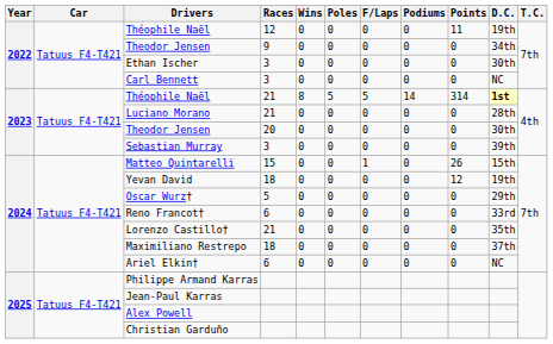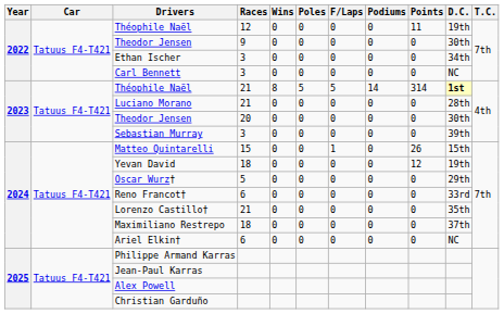 <table class="wikitable" style="font-size:85%">
 <tr>
 <th>Year</th>
 <th>Car</th>
 <th>Drivers</th>
 <th>Races</th>
 <th>Wins</th>
 <th>Poles</th>
 <th>F/Laps</th>
 <th>Podiums</th>
 <th>Points</th>
 <th>D.C.</th>
 <th>T.C.</th>
 </tr>
 <tr>
 <th rowspan="4"><a href='#'>2022</a></th>
 <td rowspan="4"><a href='#'>Tatuus F4-T421</a></td>
 <td> <a href='#'>Théophile Naël</a></td>
 <td>12</td>
 <td>0</td>
 <td>0</td>
 <td>0</td>
 <td>0</td>
 <td>11</td>
 <td>19th</td>
 <td rowspan="4">7th</td>
 </tr>
 <tr>
 <td> <a href='#'>Theodor Jensen</a></td>
 <td>9</td>
 <td>0</td>
 <td>0</td>
 <td>0</td>
 <td>0</td>
 <td>0</td>
-<td>34th</td>
+<td>30th</td>
 </tr>
 <tr>
 <td> Ethan Ischer</td>
 <td>3</td>
 <td>0</td>
 <td>0</td>
 <td>0</td>
 <td>0</td>
 <td>0</td>
-<td>30th</td>
+<td>34th</td>
 </tr>
 <tr>
 <td> <a href='#'>Carl Bennett</a></td>
 <td>3</td>
 <td>0</td>
 <td>0</td>
 <td>0</td>
 <td>0</td>
 <td>0</td>
 <td>NC</td>
 </tr>
 <tr>
 <th rowspan="4"><a href='#'>2023</a></th>
 <td rowspan="4"><a href='#'>Tatuus F4-T421</a></td>
 <td> <a href='#'>Théophile Naël</a></td>
 <td>21</td>
 <td>8</td>
 <td>5</td>
 <td>5</td>
 <td>14</td>
 <td>314</td>
 <td style="background:#FFFFBF;"><strong>1st</strong></td>
 <td rowspan="4">4th</td>
 </tr>
 <tr>
 <td> <a href='#'>Luciano Morano</a></td>
 <td>21</td>
 <td>0</td>
 <td>0</td>
 <td>0</td>
 <td>0</td>
 <td>0</td>
 <td>28th</td>
 </tr>
 <tr>
 <td> <a href='#'>Theodor Jensen</a></td>
 <td>20</td>
 <td>0</td>
 <td>0</td>
 <td>0</td>
 <td>0</td>
 <td>0</td>
 <td>30th</td>
 </tr>
 <tr>
 <td> <a href='#'>Sebastian Murray</a></td>
 <td>3</td>
 <td>0</td>
 <td>0</td>
 <td>0</td>
 <td>0</td>
 <td>0</td>
 <td>39th</td>
 </tr>
 <tr>
 <th rowspan="7"><a href='#'>2024</a></th>
 <td rowspan="7"><a href='#'>Tatuus F4-T421</a></td>
 <td> <a href='#'>Matteo Quintarelli</a></td>
 <td>15</td>
 <td>0</td>
 <td>0</td>
 <td>1</td>
 <td>0</td>
 <td>26</td>
 <td>15th</td>
 <td rowspan="7">7th</td>
 </tr>
 <tr>
 <td> Yevan David</td>
 <td>18</td>
 <td>0</td>
 <td>0</td>
 <td>0</td>
 <td>0</td>
 <td>12</td>
 <td>19th</td>
 </tr>
 <tr>
 <td> <a href='#'>Oscar Wurz</a>†</td>
 <td>5</td>
 <td>0</td>
 <td>0</td>
 <td>0</td>
 <td>0</td>
 <td>0</td>
 <td>29th</td>
 </tr>
 <tr>
 <td> Reno Francot†</td>
 <td>6</td>
 <td>0</td>
 <td>0</td>
 <td>0</td>
 <td>0</td>
 <td>0</td>
 <td>33rd</td>
 </tr>
 <tr>
 <td> Lorenzo Castillo†</td>
 <td>21</td>
 <td>0</td>
 <td>0</td>
 <td>0</td>
 <td>0</td>
 <td>0</td>
 <td>35th</td>
 </tr>
 <tr>
 <td> Maximiliano Restrepo</td>
 <td>18</td>
 <td>0</td>
 <td>0</td>
 <td>0</td>
 <td>0</td>
 <td>0</td>
 <td>37th</td>
 </tr>
 <tr>
 <td> Ariel Elkin†</td>
 <td>6</td>
 <td>0</td>
 <td>0</td>
 <td>0</td>
 <td>0</td>
 <td>0</td>
 <td>NC</td>
 </tr>
 <tr>
 <th rowspan="4"><a href='#'>2025</a></th>
 <td rowspan="4"><a href='#'>Tatuus F4-T421</a></td>
 <td> Philippe Armand Karras</td>
 <td></td>
 <td></td>
 <td></td>
 <td></td>
 <td></td>
 <td></td>
 <td></td>
 <td rowspan="4"></td>
 </tr>
 <tr>
 <td> Jean-Paul Karras</td>
 <td></td>
 <td></td>
 <td></td>
 <td></td>
 <td></td>
 <td></td>
 <td></td>
 </tr>
 <tr>
 <td> <a href='#'>Alex Powell</a></td>
 <td></td>
 <td></td>
 <td></td>
 <td></td>
 <td></td>
 <td></td>
 <td></td>
 </tr>
 <tr>
 <td> Christian Garduño</td>
 <td></td>
 <td></td>
 <td></td>
 <td></td>
 <td></td>
 <td></td>
 <td></td>
 </tr>
 </table>
